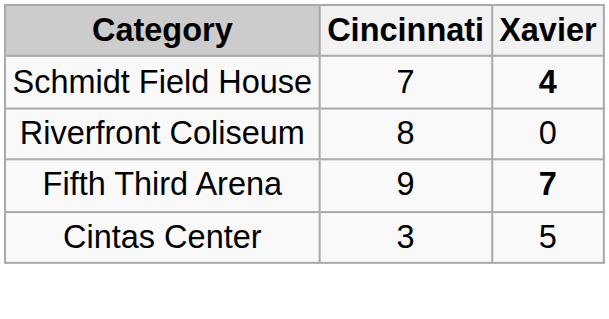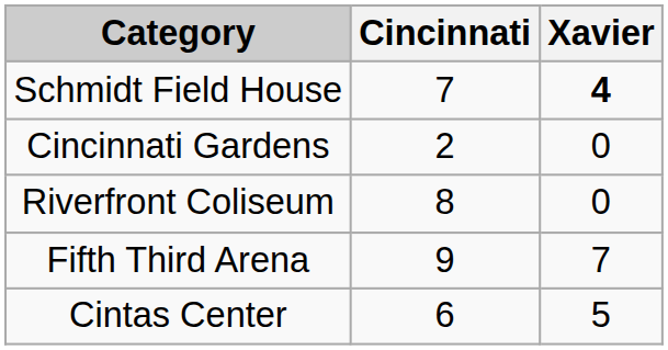 <table class="wikitable">
 <tr>
 <th style="background:#CCCCCC; text-align:center"><strong>Category</strong></th>
 <th><strong>Cincinnati</strong></th>
 <th><strong>Xavier</strong></th>
 </tr>
 <tr>
 <td align=center>Schmidt Field House</td>
 <td align=center>7</td>
 <td align=center><strong>4</strong></td>
 </tr>
 <tr>
+<td align=center>Cincinnati Gardens</td>
+<td align=center>2</td>
+<td align=center>0</td>
+</tr>
+<tr>
 <td align=center>Riverfront Coliseum</td>
 <td align=center>8</td>
 <td align=center>0</td>
 </tr>
 <tr>
 <td align=center>Fifth Third Arena</td>
 <td align=center>9</td>
-<td align=center><strong>7</strong></td>
+<td align=center>7</td>
 </tr>
 <tr>
 <td align=center>Cintas Center</td>
-<td align=center>3</td>
+<td align=center>6</td>
 <td align=center>5</td>
 </tr>
 </table>
